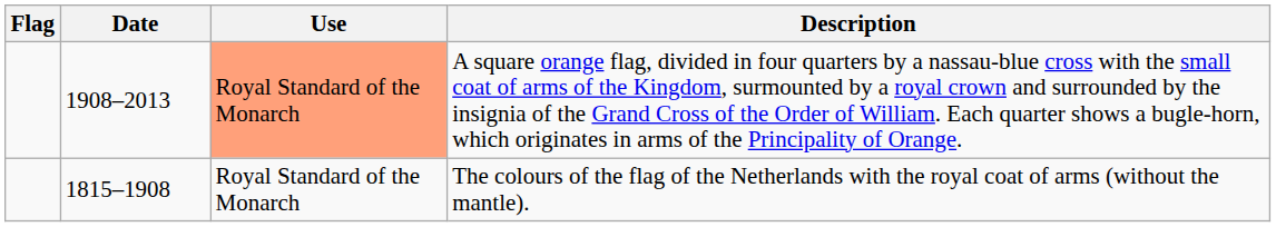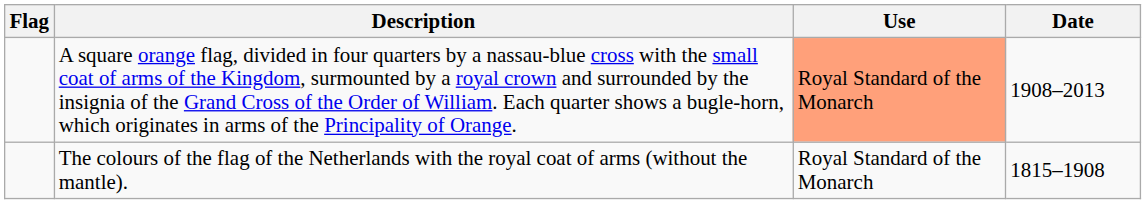 <table class="wikitable">
 <tr style="background:#efefef;">
 <th>Flag</th>
+<th style="width:1024px;">Description</th>
+<th style="width:250px;">Use</th>
 <th style="width:150px;">Date</th>
-<th style="width:250px;">Use</th>
-<th style="width:1024px;">Description</th>
 </tr>
 <tr>
 <td></td>
+<td>A square <a href='#'>orange</a> flag, divided in four quarters by a nassau-blue <a href='#'>cross</a> with the <a href='#'>small coat of arms of the Kingdom</a>, surmounted by a <a href='#'>royal crown</a> and surrounded by the insignia of the <a href='#'>Grand Cross of the Order of William</a>. Each quarter shows a bugle-horn, which originates in arms of the <a href='#'>Principality of Orange</a>.</td>
+<td style="background: lightsalmon;">Royal Standard of the Monarch</td>
 <td>1908–2013</td>
-<td style="background: lightsalmon;">Royal Standard of the Monarch</td>
-<td>A square <a href='#'>orange</a> flag, divided in four quarters by a nassau-blue <a href='#'>cross</a> with the <a href='#'>small coat of arms of the Kingdom</a>, surmounted by a <a href='#'>royal crown</a> and surrounded by the insignia of the <a href='#'>Grand Cross of the Order of William</a>. Each quarter shows a bugle-horn, which originates in arms of the <a href='#'>Principality of Orange</a>.</td>
 </tr>
 <tr>
 <td></td>
+<td>The colours of the flag of the Netherlands with the royal coat of arms (without the mantle).</td>
+<td>Royal Standard of the Monarch</td>
 <td>1815–1908</td>
-<td>Royal Standard of the Monarch</td>
-<td>The colours of the flag of the Netherlands with the royal coat of arms (without the mantle).</td>
 </tr>
 </table>
